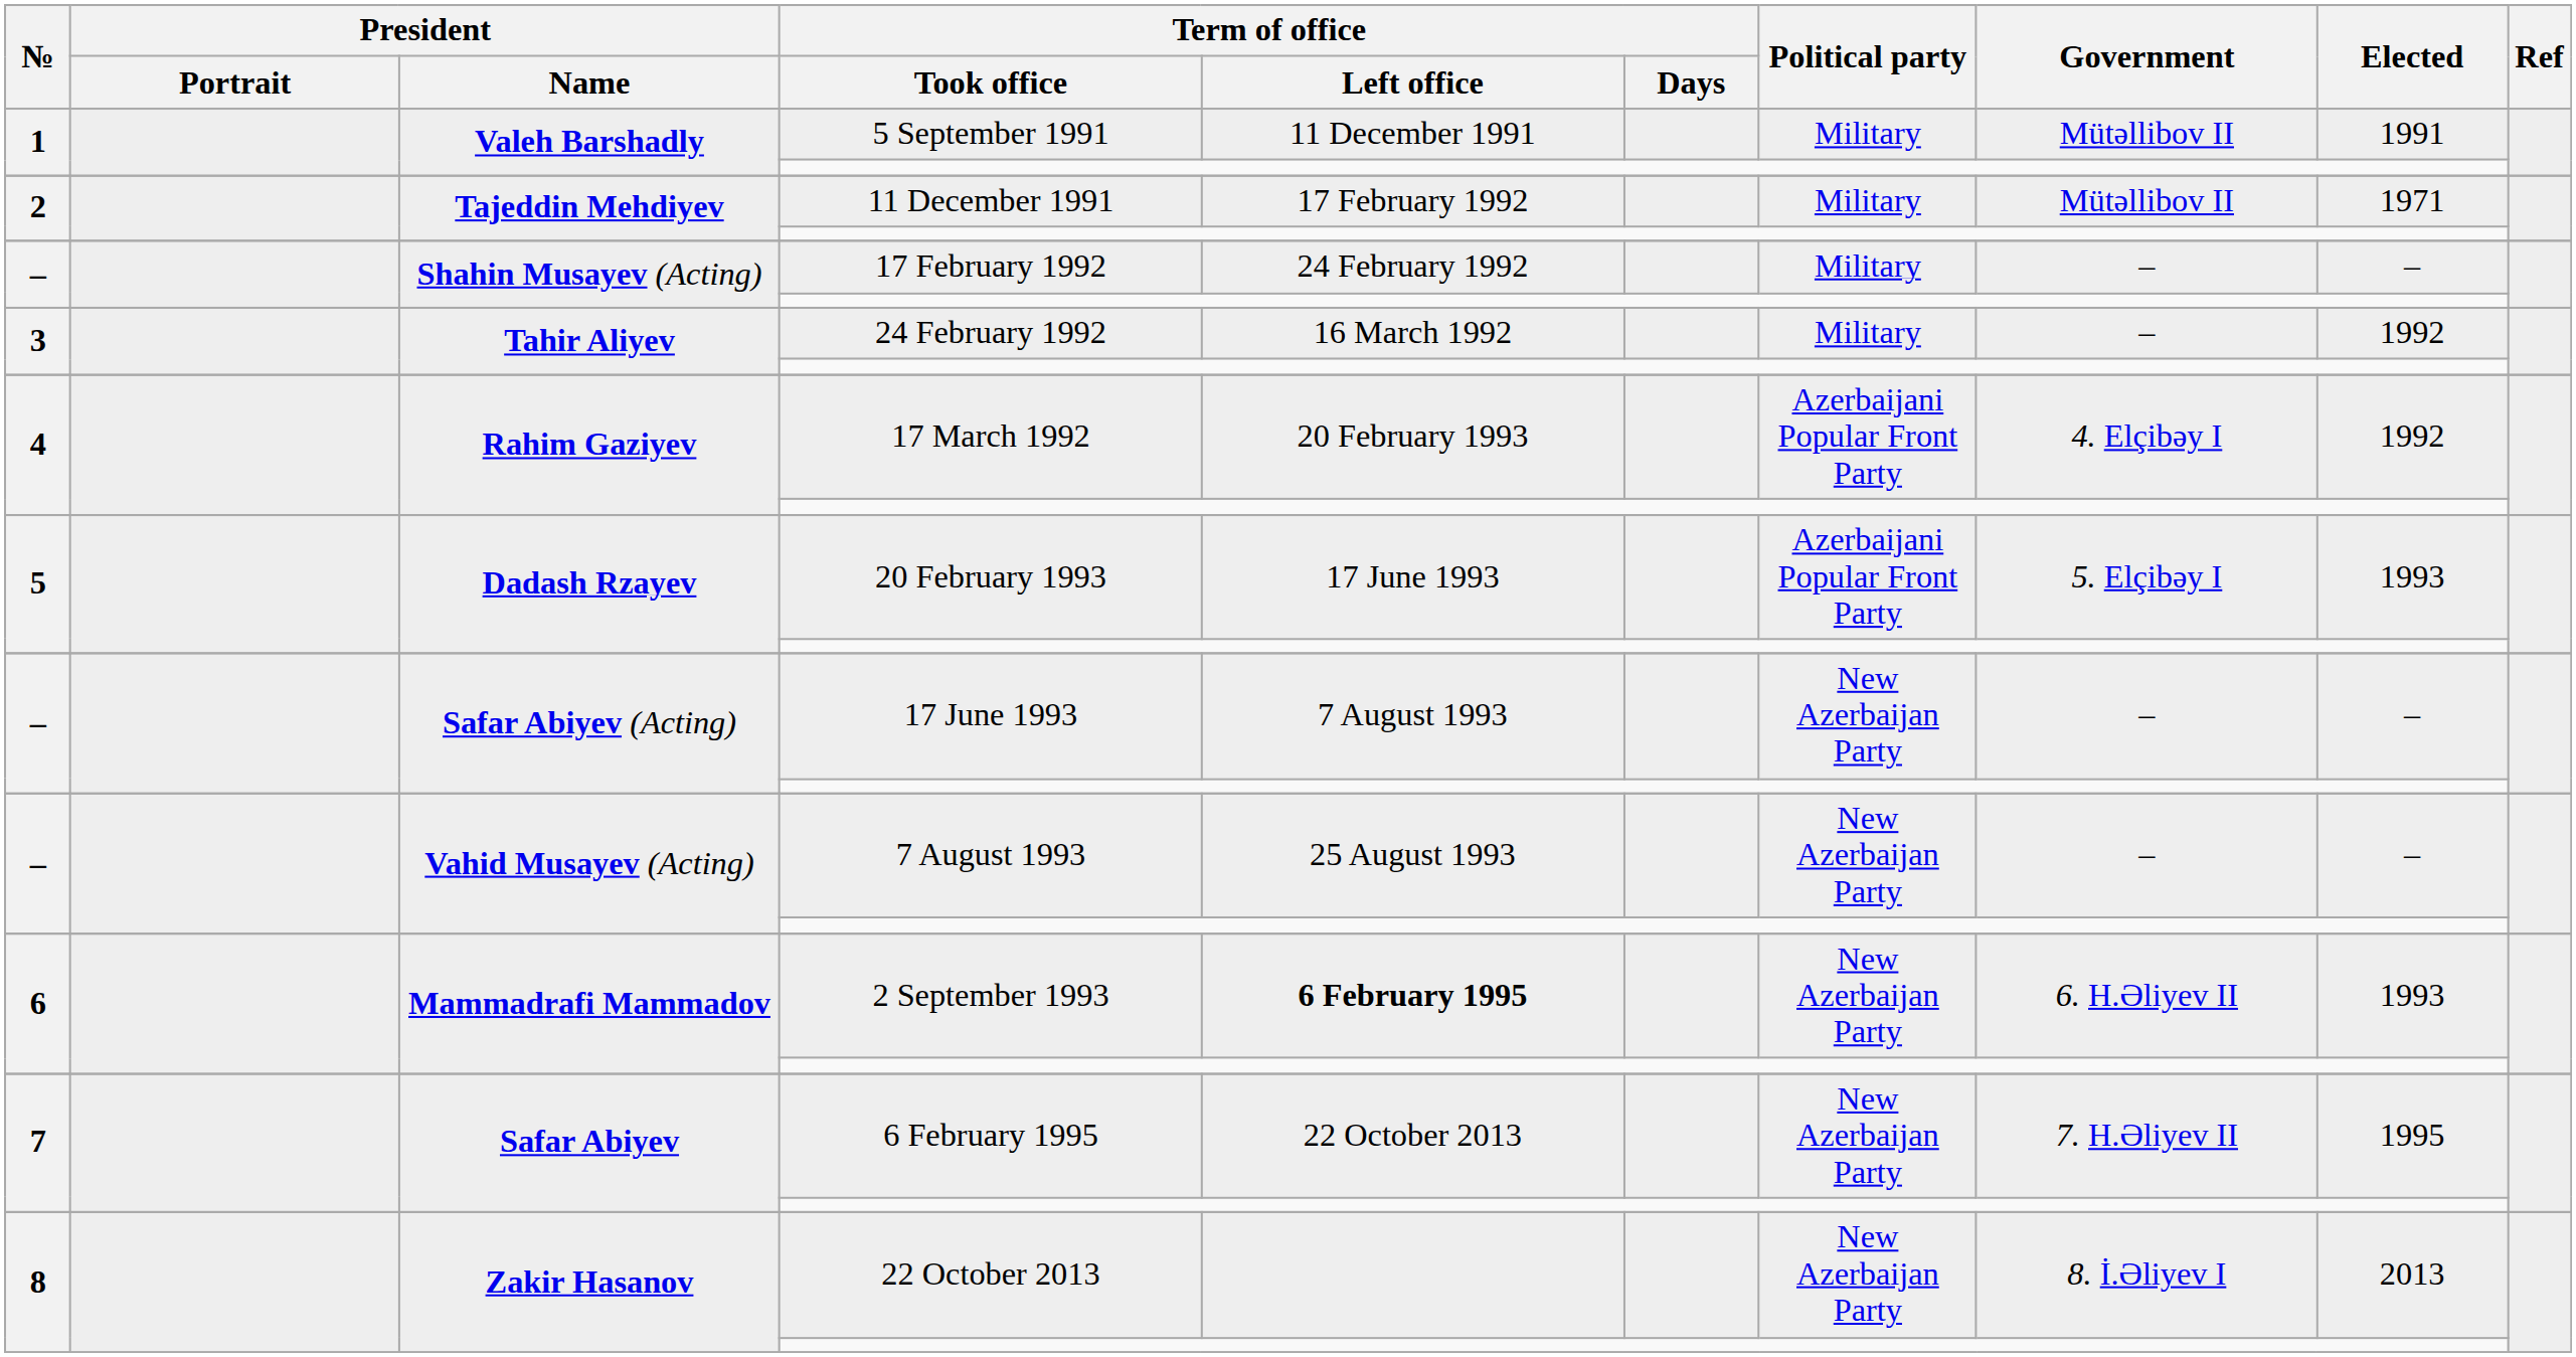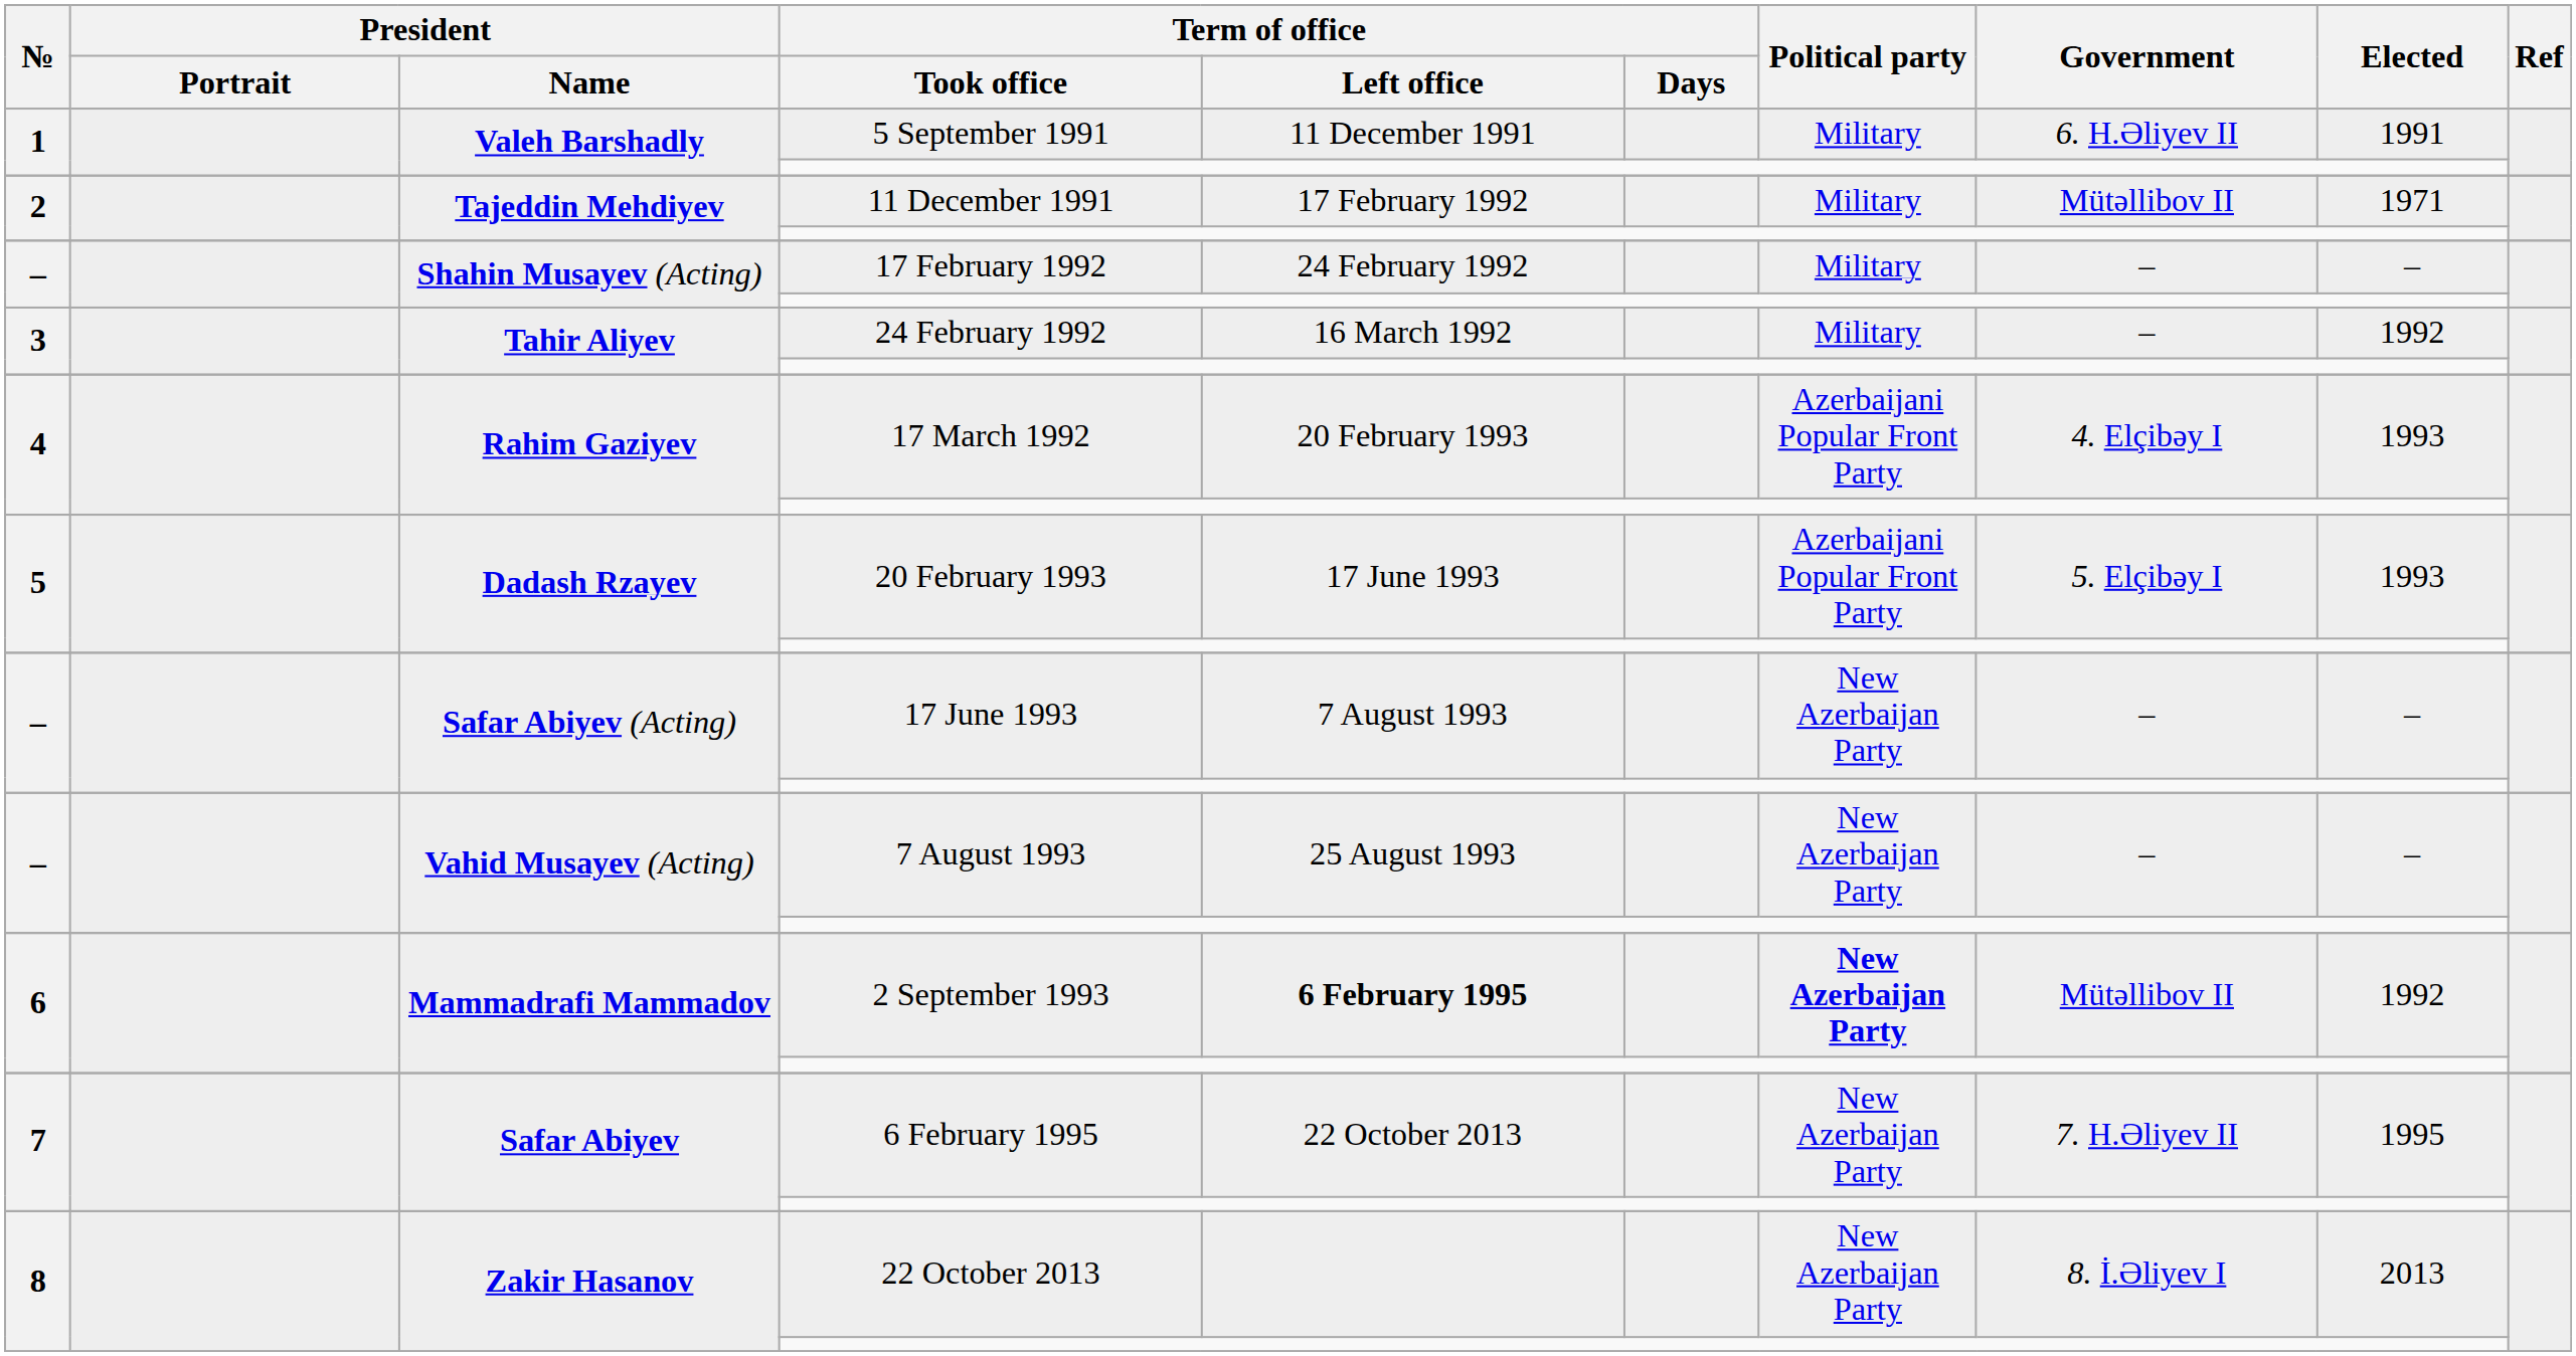 <table class="wikitable"  style="text-align:center"  width="100%">
 <tr>
 <th rowspan=2 style="width:25px;">№</th>
 <th colspan=2 style="width:280px;">President</th>
 <th colspan=3>Term of office</th>
 <th style="width:100px;" rowspan="2">Political party</th>
 <th style="width:160px;" rowspan="2">Government</th>
 <th rowspan=2>Elected</th>
 <th rowspan=2 style="width:20px;">Ref</th>
 </tr>
 <tr>
 <th>Portrait</th>
 <th width=180px>Name</th>
 <th>Took office</th>
 <th>Left office</th>
 <th>Days</th>
 </tr>
 <tr bgcolor=#EEEEEE>
 <th rowspan=2 style="background:">1</th>
 <td rowspan=2></td>
 <td rowspan=2><strong><a href='#'>Valeh Barshadly</a></strong><br></td>
 <td>5 September 1991</td>
 <td>11 December 1991</td>
 <td></td>
 <td style="background:"><a href='#'><span>Military<br></span></a></td>
-<td><a href='#'>Mütəllibov II</a></td>
+<td><em>6.</em> <a href='#'>H.Əliyev II</a></td>
 <td>1991</td>
 <td rowspan=2></td>
 </tr>
 <tr>
 <td colspan=6 align=left></td>
 </tr>
 <tr bgcolor=#EEEEEE>
 </tr>
 <tr>
 </tr>
 <tr bgcolor=#EEEEEE>
 <th rowspan=2 style="background:">2</th>
 <td rowspan=2></td>
 <td rowspan=2><strong><a href='#'>Tajeddin Mehdiyev</a></strong><br></td>
 <td>11 December 1991</td>
 <td>17 February 1992</td>
 <td></td>
 <td style="background:"><a href='#'><span>Military<br></span></a></td>
 <td><a href='#'>Mütəllibov II</a></td>
 <td>1971</td>
 <td rowspan=2></td>
 </tr>
 <tr>
 <td colspan=6 align=left></td>
 </tr>
 <tr bgcolor=#EEEEEE>
 </tr>
 <tr>
 </tr>
 <tr bgcolor=#EEEEEE>
 <th rowspan=2 style="background:">–</th>
 <td rowspan=2></td>
 <td rowspan=2><strong><a href='#'>Shahin Musayev</a></strong> <em>(Acting)</em><br></td>
 <td>17 February 1992</td>
 <td>24 February 1992</td>
 <td></td>
 <td style="background:"><a href='#'><span>Military<br></span></a></td>
 <td>–</td>
 <td>–</td>
 <td rowspan=2></td>
 </tr>
 <tr>
 <td colspan=6 align=left></td>
 </tr>
 <tr bgcolor=#EEEEEE>
 </tr>
 <tr>
 </tr>
 <tr bgcolor=#EEEEEE>
 <th rowspan=2 style="background:">3</th>
 <td rowspan=2></td>
 <td rowspan=2><strong><a href='#'>Tahir Aliyev</a></strong><br></td>
 <td>24 February 1992</td>
 <td>16 March 1992</td>
 <td></td>
 <td style="background:"><a href='#'><span>Military<br></span></a></td>
 <td>–</td>
 <td>1992</td>
 <td rowspan=2></td>
 </tr>
 <tr>
 <td colspan=6 align=left></td>
 </tr>
 <tr bgcolor=#EEEEEE>
 </tr>
 <tr>
 </tr>
 <tr bgcolor=#EEEEEE>
 <th rowspan=2 style="background:">4</th>
 <td rowspan=2></td>
 <td rowspan=2><strong><a href='#'>Rahim Gaziyev</a></strong><br></td>
 <td>17 March 1992</td>
 <td>20 February 1993</td>
 <td></td>
 <td style="background:"><a href='#'><span>Azerbaijani Popular Front Party<br></span></a></td>
 <td><em>4.</em> <a href='#'>Elçibəy I</a></td>
-<td>1992</td>
+<td>1993</td>
 <td rowspan=2></td>
 </tr>
 <tr>
 <td colspan=6 align=left></td>
 </tr>
 <tr bgcolor=#EEEEEE>
 </tr>
 <tr>
 </tr>
 <tr bgcolor=#EEEEEE>
 <th rowspan=2 style="background:">5</th>
 <td rowspan=2></td>
 <td rowspan=2><strong><a href='#'>Dadash Rzayev</a></strong><br></td>
 <td>20 February 1993</td>
 <td>17 June 1993</td>
 <td></td>
 <td style="background:"><a href='#'><span>Azerbaijani Popular Front Party<br></span></a></td>
 <td><em>5.</em> <a href='#'>Elçibəy I</a></td>
 <td>1993</td>
 <td rowspan=2></td>
 </tr>
 <tr>
 <td colspan=6 align=left></td>
 </tr>
 <tr bgcolor=#EEEEEE>
 </tr>
 <tr>
 </tr>
 <tr bgcolor=#EEEEEE>
 <th rowspan=2 style="background:">–</th>
 <td rowspan=2></td>
 <td rowspan=2><strong><a href='#'>Safar Abiyev</a></strong> <em>(Acting)</em><br></td>
 <td>17 June 1993</td>
 <td>7 August 1993</td>
 <td></td>
 <td style="background:"><a href='#'><span>New Azerbaijan Party<br></span></a></td>
 <td>–</td>
 <td>–</td>
 <td rowspan=2></td>
 </tr>
 <tr>
 <td colspan=6 align=left></td>
 </tr>
 <tr bgcolor=#EEEEEE>
 </tr>
 <tr>
 </tr>
 <tr bgcolor=#EEEEEE>
 <th rowspan=2 style="background:">–</th>
 <td rowspan=2></td>
 <td rowspan=2><strong><a href='#'>Vahid Musayev</a></strong> <em>(Acting)</em><br></td>
 <td>7 August 1993</td>
 <td>25 August 1993</td>
 <td></td>
 <td style="background:"><a href='#'><span>New Azerbaijan Party<br></span></a></td>
 <td>–</td>
 <td>–</td>
 <td rowspan=2></td>
 </tr>
 <tr>
 <td colspan=6 align=left></td>
 </tr>
 <tr bgcolor=#EEEEEE>
 </tr>
 <tr>
 </tr>
 <tr bgcolor=#EEEEEE>
 <th rowspan=2 style="background:">6</th>
 <td rowspan=2></td>
 <td rowspan=2><strong><a href='#'>Mammadrafi Mammadov</a></strong><br></td>
 <td>2 September 1993</td>
 <td><strong>6 February 1995</strong></td>
 <td></td>
-<td style="background:"><a href='#'><span>New Azerbaijan Party<br></span></a></td>
-<td><em>6.</em> <a href='#'>H.Əliyev II</a></td>
-<td>1993</td>
+<td style="background:"><strong><a href='#'><span>New Azerbaijan Party<br></span></a></strong></td>
+<td><a href='#'>Mütəllibov II</a></td>
+<td>1992</td>
 <td rowspan=2></td>
 </tr>
 <tr>
 <td colspan=6 align=left></td>
 </tr>
 <tr bgcolor=#EEEEEE>
 </tr>
 <tr>
 </tr>
 <tr bgcolor=#EEEEEE>
 <th rowspan=2 style="background:">7</th>
 <td rowspan=2></td>
 <td rowspan=2><strong><a href='#'>Safar Abiyev</a></strong><br></td>
 <td>6 February 1995</td>
 <td>22 October 2013</td>
 <td></td>
 <td style="background:"><a href='#'><span>New Azerbaijan Party<br></span></a></td>
 <td><em>7.</em> <a href='#'>H.Əliyev II</a></td>
 <td>1995</td>
 <td rowspan=2></td>
 </tr>
 <tr>
 <td colspan=6 align=left></td>
 </tr>
 <tr bgcolor=#EEEEEE>
 </tr>
 <tr>
 </tr>
 <tr bgcolor=#EEEEEE>
 <th rowspan=2 style="background:">8</th>
 <td rowspan=2></td>
 <td rowspan=2><strong><a href='#'>Zakir Hasanov</a></strong><br></td>
 <td>22 October 2013</td>
 <td></td>
 <td></td>
 <td style="background:"><a href='#'><span>New Azerbaijan Party<br></span></a></td>
 <td><em>8.</em> <a href='#'>İ.Əliyev I</a></td>
 <td>2013</td>
 <td rowspan=2></td>
 </tr>
 <tr>
 <td colspan=6 align=left></td>
 </tr>
 <tr bgcolor=#EEEEEE>
 </tr>
 </table>
